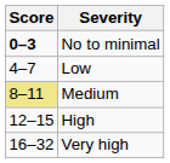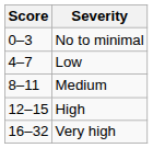 <table class="wikitable">
 <tr>
 <th>Score</th>
 <th>Severity</th>
 </tr>
 <tr>
-<td><strong>0–3</strong></td>
+<td>0–3</td>
 <td>No to minimal</td>
 </tr>
 <tr>
 <td>4–7</td>
 <td>Low</td>
 </tr>
 <tr>
-<td style="background: khaki;">8–11</td>
+<td>8–11</td>
 <td>Medium</td>
 </tr>
 <tr>
 <td>12–15</td>
 <td>High</td>
 </tr>
 <tr>
 <td>16–32</td>
 <td>Very high</td>
 </tr>
 </table>
